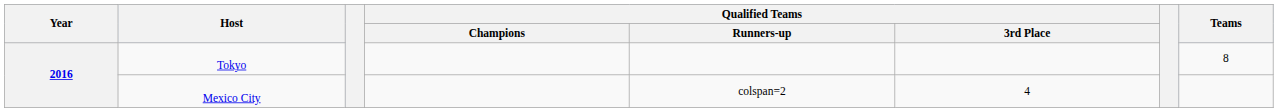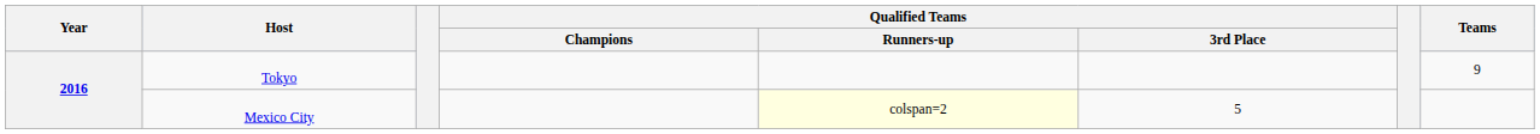 <table class="wikitable" style="font-size:90%; width: 80%; text-align: center;">
 <tr bgcolor=#c1d8ff>
 <th rowspan=2 width=6%>Year</th>
 <th rowspan=2 width=12%>Host</th>
 <th width=1% rowspan=4 bgcolor=ffffff></th>
 <th colspan=3>Qualified Teams</th>
 <th width=1% rowspan=4 bgcolor=#ffffff></th>
 <th rowspan=2 width=5%>Teams</th>
 </tr>
 <tr bgcolor=#efefef>
 <th width=14%>Champions</th>
 <th width=14%>Runners-up</th>
 <th width=14%>3rd Place</th>
 </tr>
 <tr>
 <th rowspan=2><a href='#'>2016</a></th>
 <td><br><a href='#'>Tokyo</a></td>
 <td><strong></strong></td>
 <td></td>
 <td></td>
-<td>8</td>
+<td>9</td>
 </tr>
 <tr>
 <td><br><a href='#'>Mexico City</a></td>
 <td><strong></strong></td>
-<td>colspan=2 </td>
-<td>4</td>
+<td style="background: lightyellow;">colspan=2 </td>
+<td>5</td>
 </tr>
 </table>
